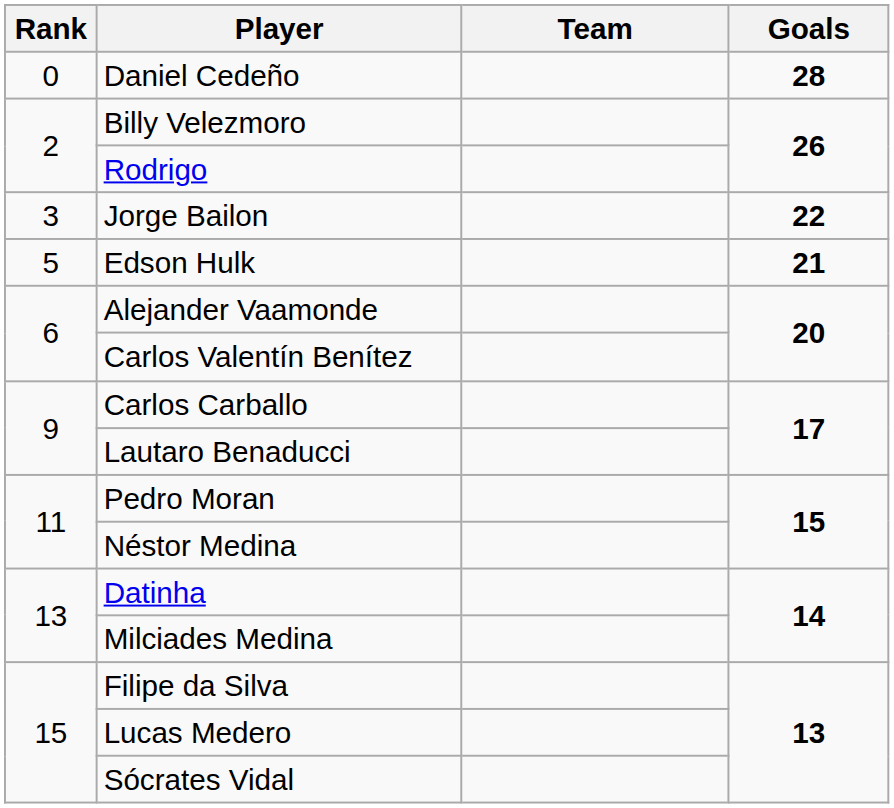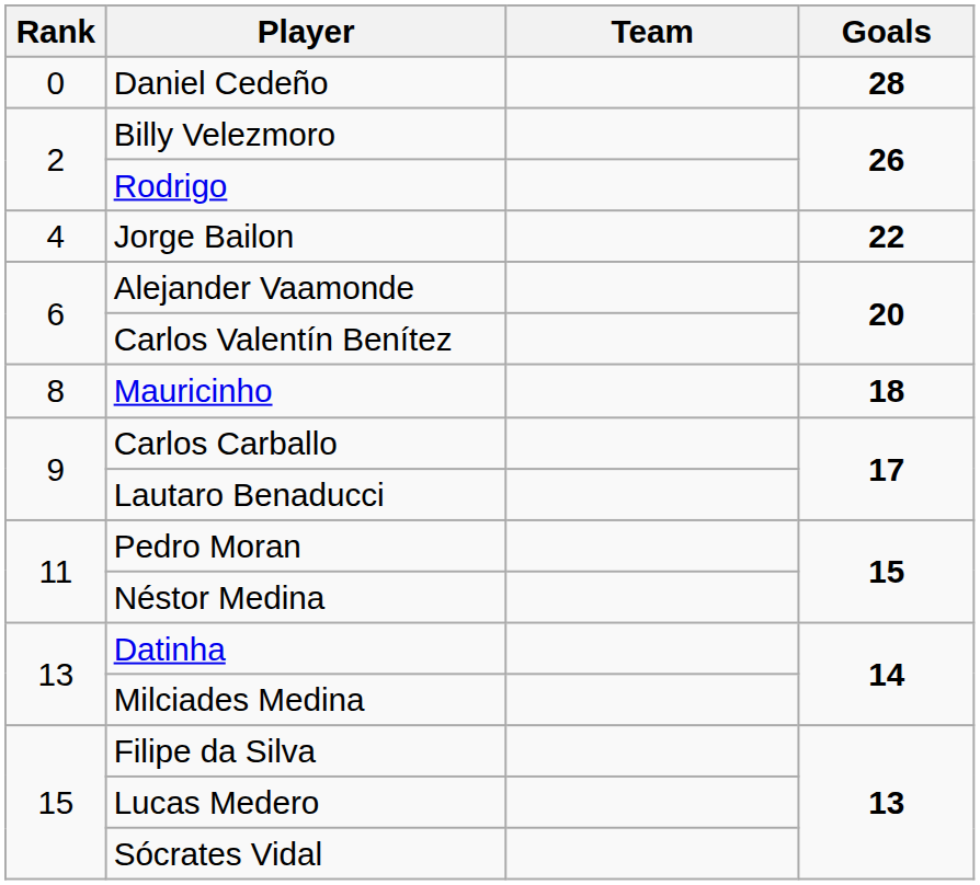 <table class="wikitable" style="text-align:center; font-size: 95%">
 <tr>
 <th width=40>Rank</th>
 <th width=180>Player</th>
 <th width=130>Team</th>
 <th width=75>Goals</th>
 </tr>
 <tr>
 <td>0</td>
 <td style="text-align:left">Daniel Cedeño</td>
 <td style="text-align:left"></td>
 <td><strong>28</strong></td>
 </tr>
 <tr>
 <td rowspan=2>2</td>
 <td style="text-align:left">Billy Velezmoro</td>
 <td style="text-align:left"></td>
 <td rowspan=2><strong>26</strong></td>
 </tr>
 <tr>
 <td style="text-align:left"><a href='#'>Rodrigo</a></td>
 <td style="text-align:left"></td>
 </tr>
 <tr>
-<td>3</td>
+<td>4</td>
 <td style="text-align:left">Jorge Bailon</td>
 <td style="text-align:left"></td>
 <td><strong>22</strong></td>
-</tr>
-<tr>
-<td>5</td>
-<td style="text-align:left">Edson Hulk</td>
-<td style="text-align:left"></td>
-<td><strong>21</strong></td>
 </tr>
 <tr>
 <td rowspan="2">6</td>
 <td style="text-align:left">Alejander Vaamonde</td>
 <td style="text-align:left"></td>
 <td rowspan="2"><strong>20</strong></td>
 </tr>
 <tr>
 <td style="text-align:left">Carlos Valentín Benítez</td>
 <td style="text-align:left"></td>
+</tr>
+<tr>
+<td>8</td>
+<td style="text-align:left"><a href='#'>Mauricinho</a></td>
+<td style="text-align:left"></td>
+<td><strong>18</strong></td>
 </tr>
 <tr>
 <td rowspan="2">9</td>
 <td style="text-align:left">Carlos Carballo</td>
 <td style="text-align:left"></td>
 <td rowspan="2"><strong>17</strong></td>
 </tr>
 <tr>
 <td style="text-align:left">Lautaro Benaducci</td>
 <td style="text-align:left"></td>
 </tr>
 <tr>
 <td rowspan="2">11</td>
 <td style="text-align:left">Pedro Moran</td>
 <td style="text-align:left"></td>
 <td rowspan="2"><strong>15</strong></td>
 </tr>
 <tr>
 <td style="text-align:left">Néstor Medina</td>
 <td style="text-align:left"></td>
 </tr>
 <tr>
 <td rowspan="2">13</td>
 <td style="text-align:left"><a href='#'>Datinha</a></td>
 <td style="text-align:left"></td>
 <td rowspan="2"><strong>14</strong></td>
 </tr>
 <tr>
 <td style="text-align:left">Milciades Medina</td>
 <td style="text-align:left"></td>
 </tr>
 <tr>
 <td rowspan="3">15</td>
 <td style="text-align:left">Filipe da Silva</td>
 <td style="text-align:left"></td>
 <td rowspan="3"><strong>13</strong></td>
 </tr>
 <tr>
 <td style="text-align:left">Lucas Medero</td>
 <td style="text-align:left"></td>
 </tr>
 <tr>
 <td style="text-align:left">Sócrates Vidal</td>
 <td style="text-align:left"></td>
 </tr>
 </table>
